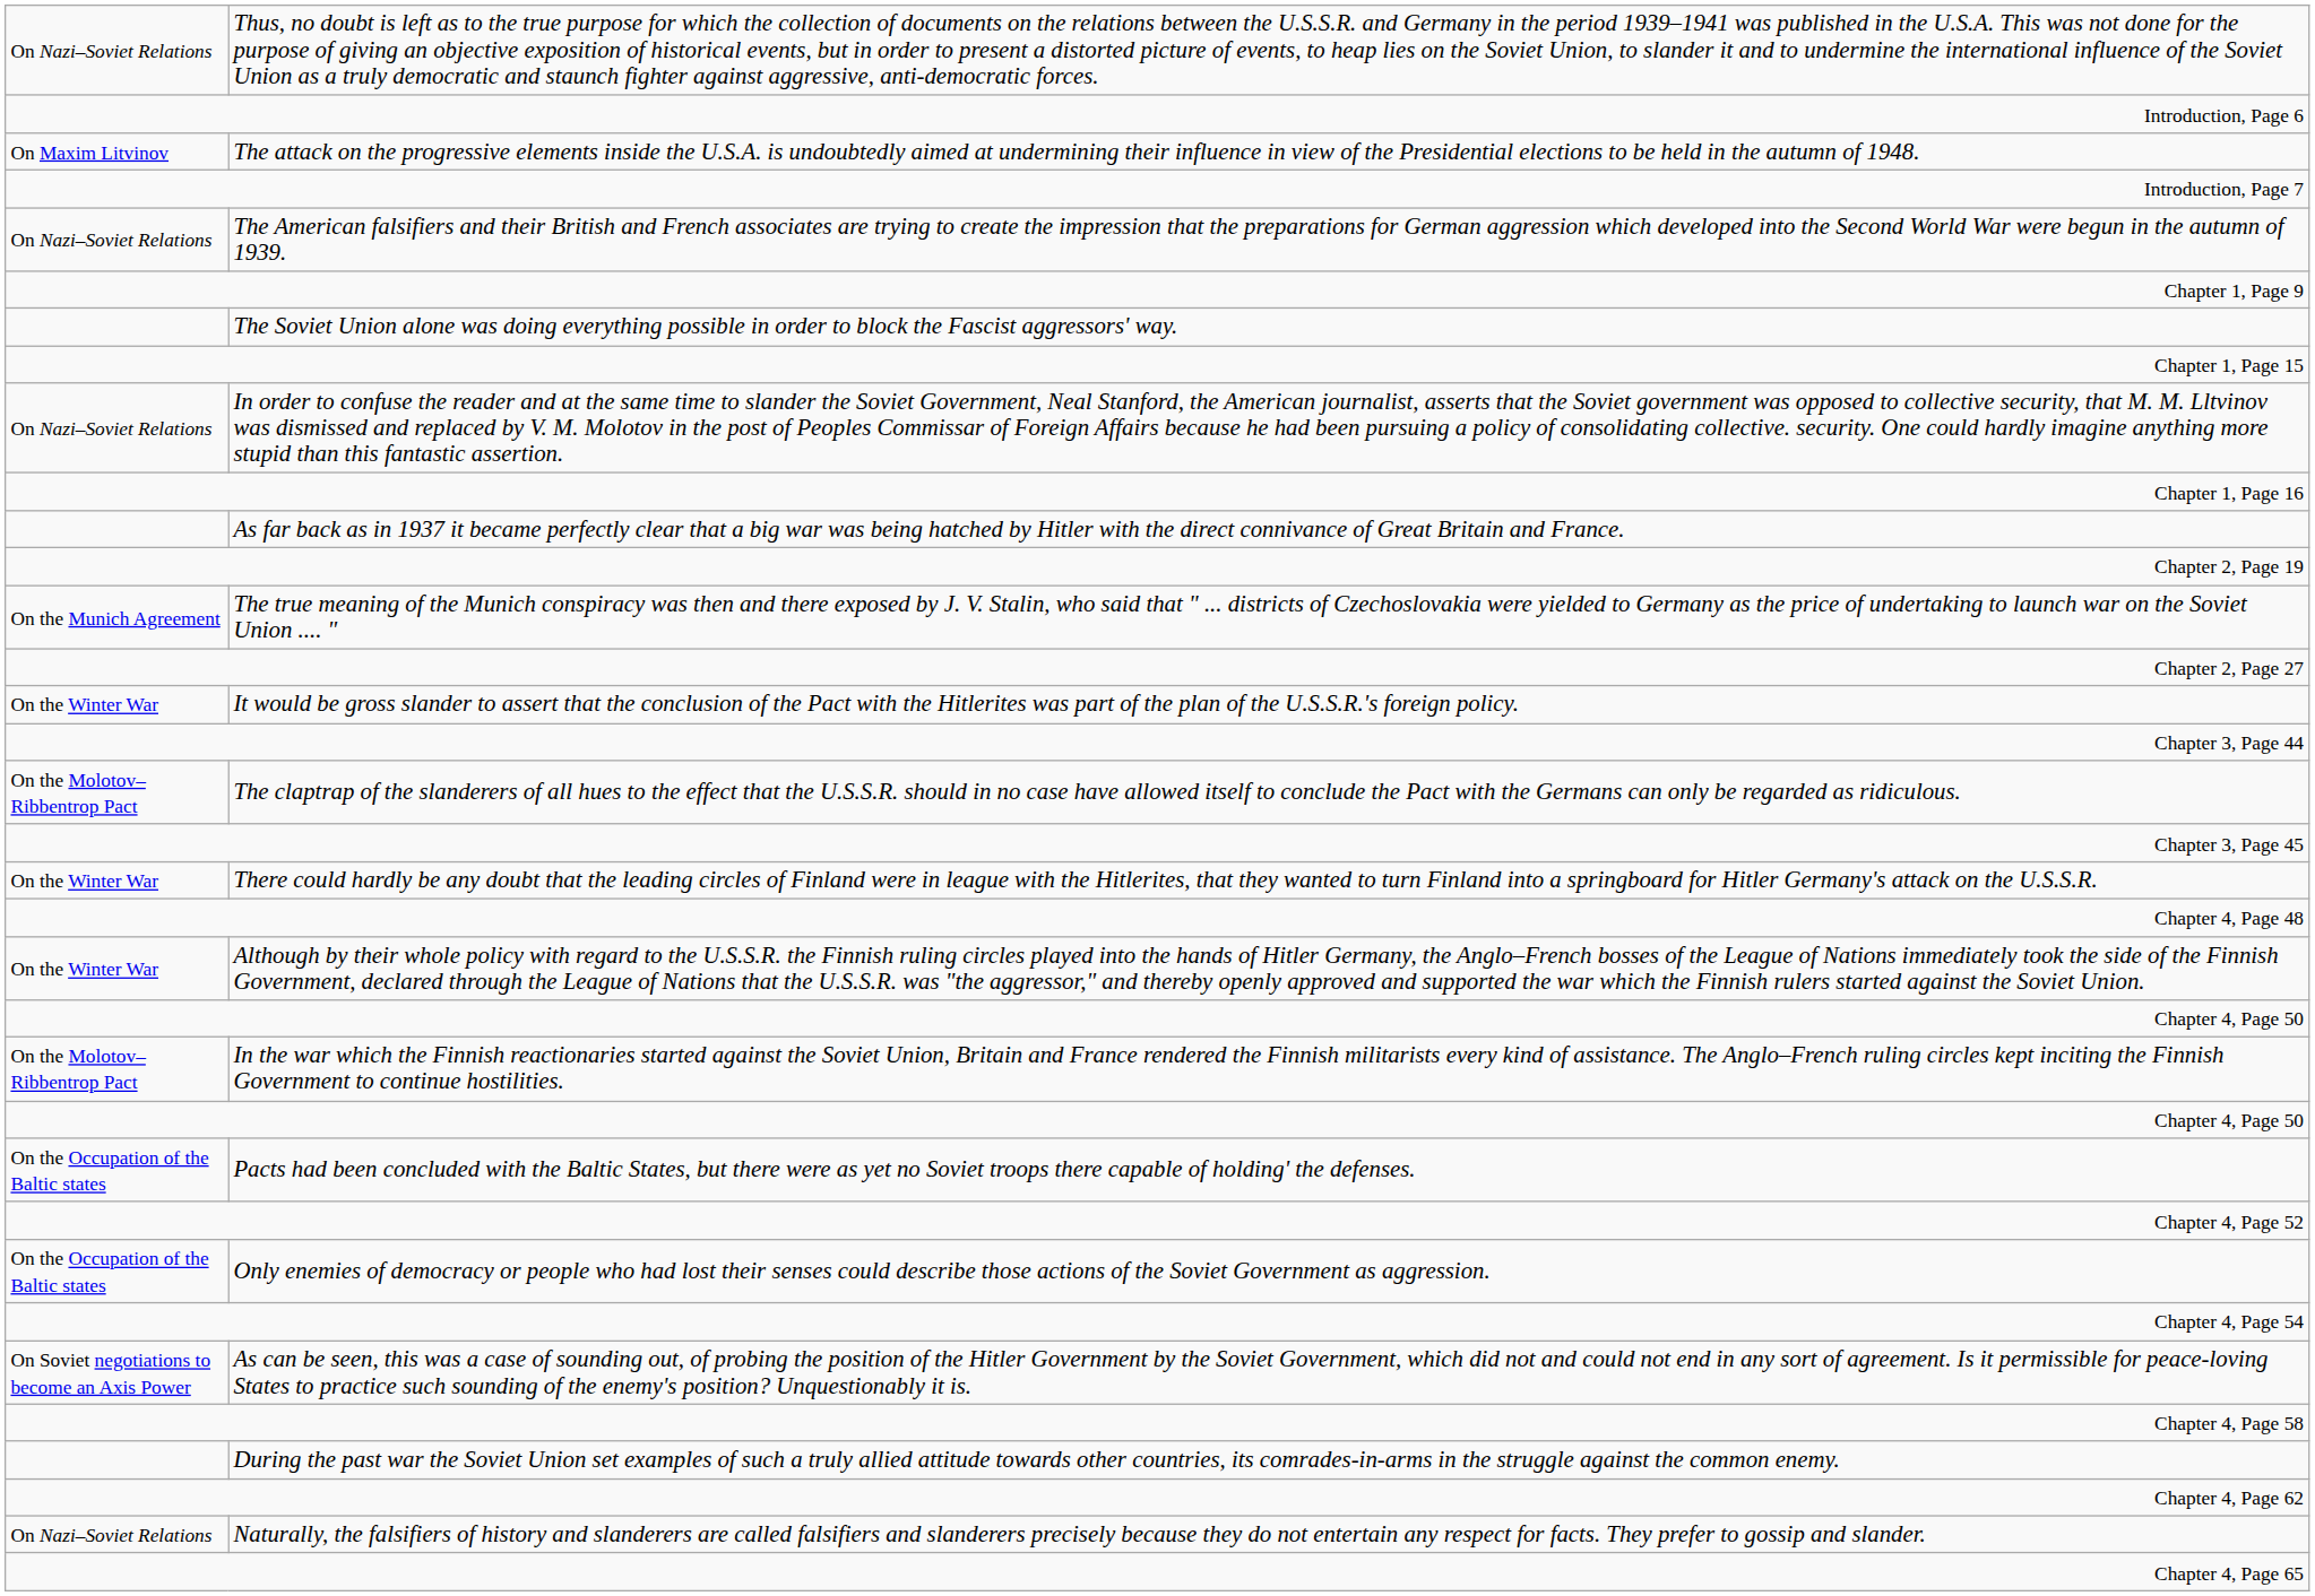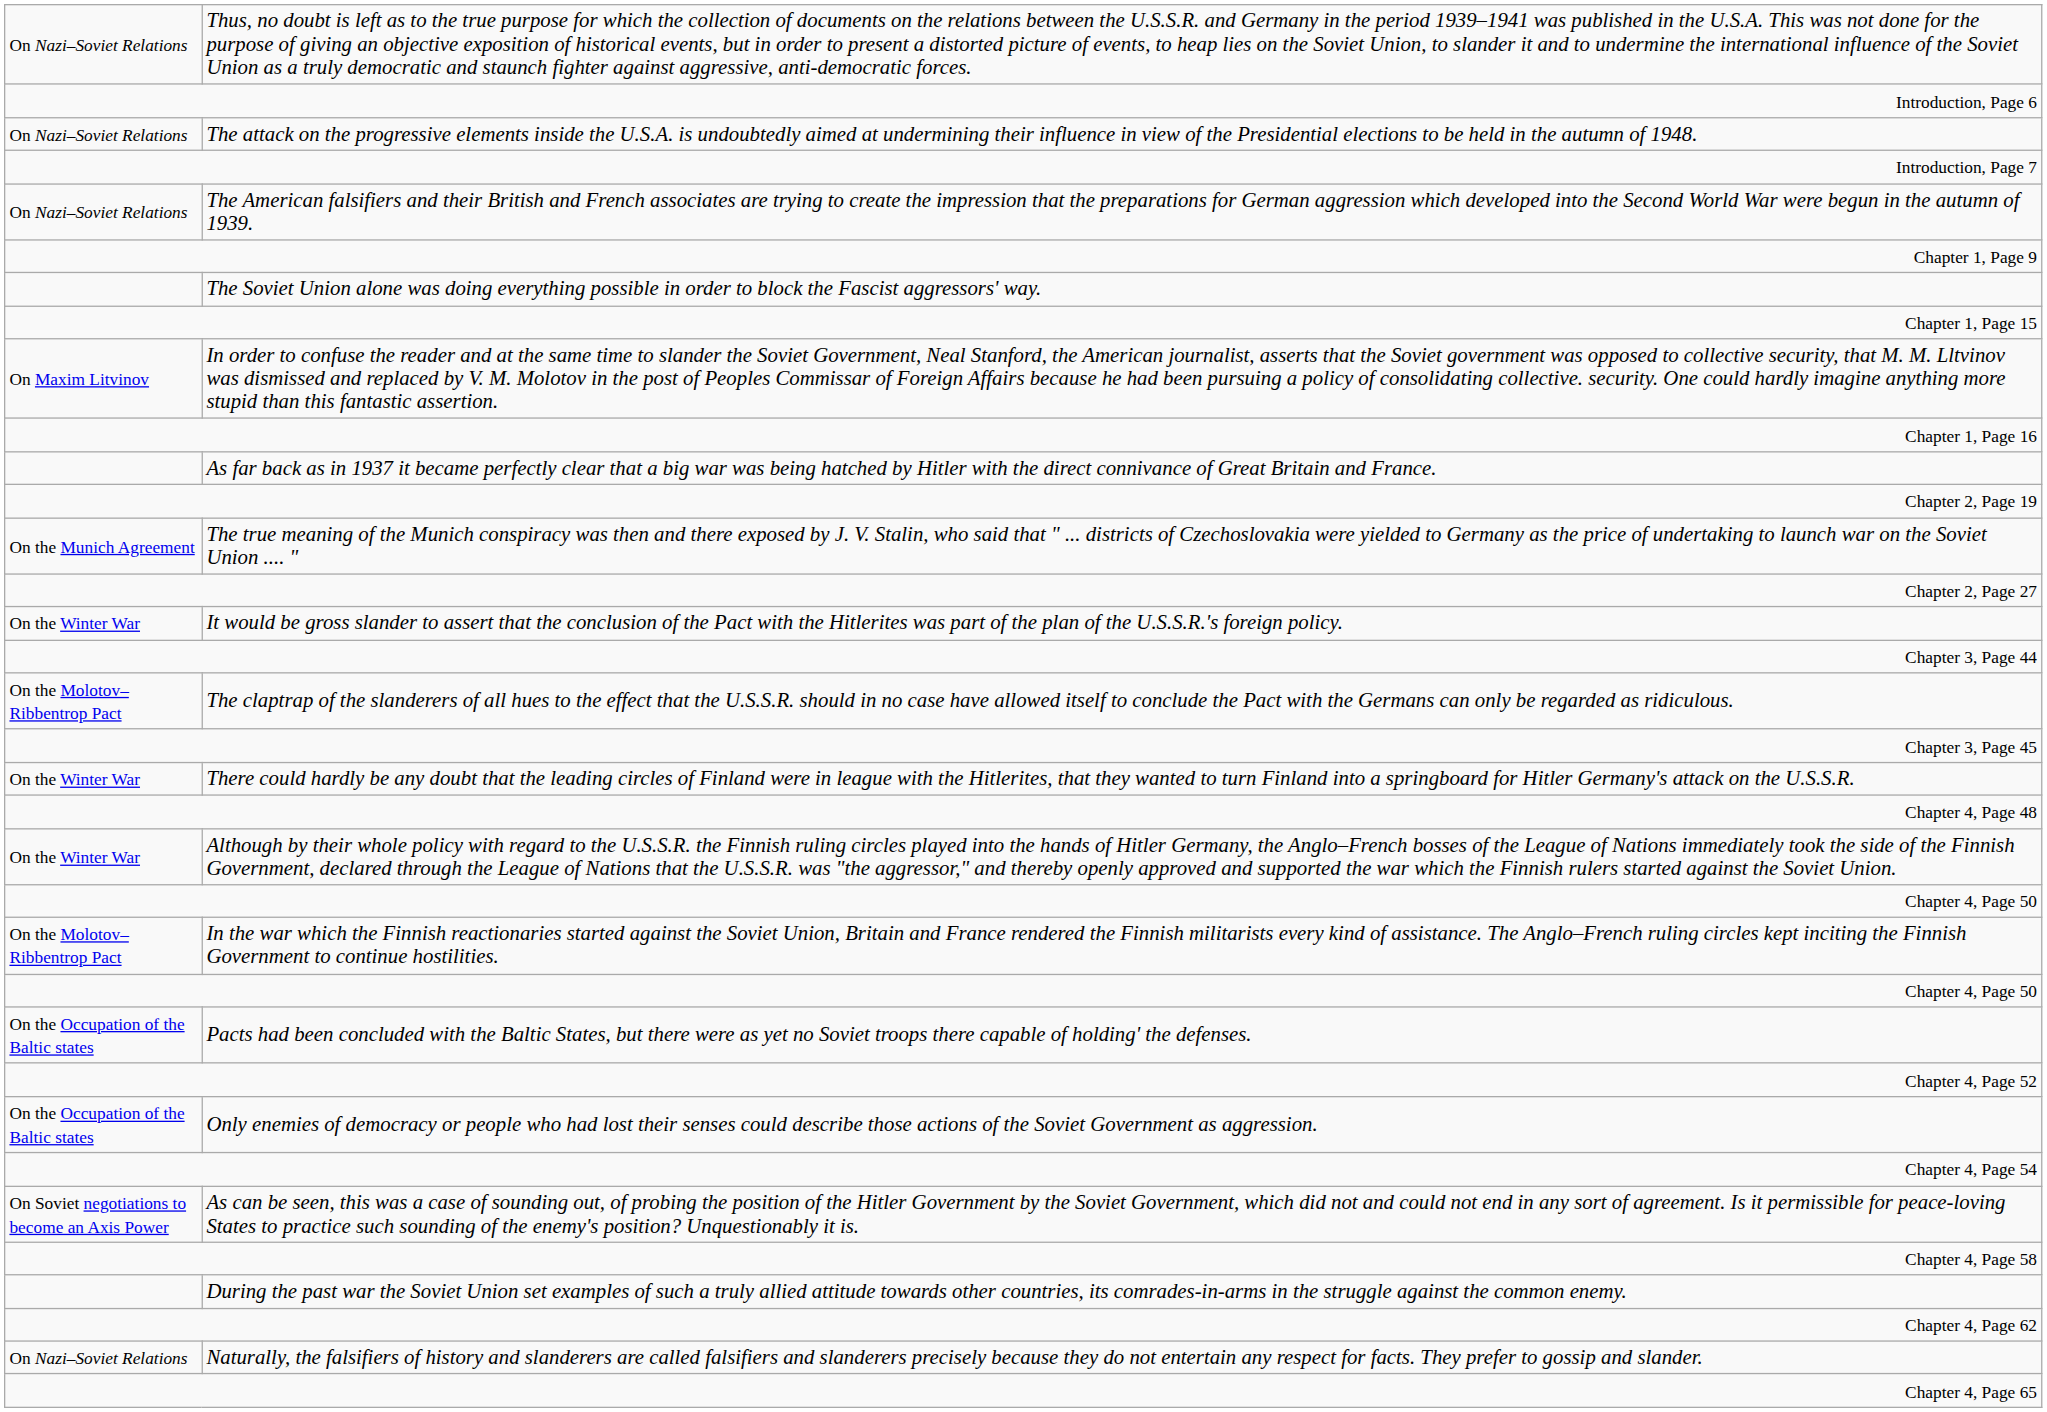 <table class="wikitable" border="0">
 <tr>
 <td><small>On <em>Nazi–Soviet Relations</em></small></td>
 <td><em>Thus, no doubt is left as to the true purpose for which the collection of documents on the relations between the U.S.S.R. and Germany in the period 1939–1941 was published in the U.S.A. This was not done for the purpose of giving an objective exposition of historical events, but in order to present a distorted picture of events, to heap lies on the Soviet Union, to slander it and to undermine the  international influence of the Soviet Union as a truly democratic and staunch fighter against aggressive, anti-democratic forces.</em></td>
 </tr>
 <tr>
 <td colspan="2" align="right"><small>Introduction, Page 6 </small></td>
 </tr>
 <tr>
-<td><small>On <a href='#'>Maxim Litvinov</a></small></td>
+<td><small>On <em>Nazi–Soviet Relations</em></small></td>
 <td><em>The attack on the progressive elements inside the U.S.A. is undoubtedly aimed at undermining their influence in view of the Presidential elections to be held in the autumn of 1948.</em></td>
 </tr>
 <tr>
 <td colspan="2" align="right"><small>Introduction, Page 7 </small></td>
 </tr>
 <tr>
 <td><small>On <em>Nazi–Soviet Relations</em></small></td>
 <td><em>The American falsifiers and their British and French associates are trying to create the impression that the preparations for German aggression which developed into the Second World War were begun in the autumn of 1939.</em></td>
 </tr>
 <tr>
 <td colspan="2" align="right"><small>Chapter 1, Page 9 </small></td>
 </tr>
 <tr>
 <td><small> </small></td>
 <td><em>The Soviet Union alone was doing everything possible in order to block the Fascist aggressors' way.</em></td>
 </tr>
 <tr>
 <td colspan="2" align="right"><small>Chapter 1, Page 15 </small></td>
 </tr>
 <tr>
-<td><small>On <em>Nazi–Soviet Relations</em></small></td>
+<td><small>On <a href='#'>Maxim Litvinov</a></small></td>
 <td><em>In order to confuse the reader and at the same time to slander the Soviet Government, Neal Stanford, the American journalist, asserts that the Soviet government was opposed to collective security, that M. M. Lltvinov was dismissed and replaced by V. M. Molotov in the post of Peoples Commissar of Foreign Affairs because he had been pursuing a policy of consolidating collective. security. One could hardly imagine anything more stupid than this fantastic assertion.</em></td>
 </tr>
 <tr>
 <td colspan="2" align="right"><small>Chapter 1, Page 16 </small></td>
 </tr>
 <tr>
 <td><small> </small></td>
 <td><em>As far back as in 1937 it became perfectly clear that a big war was being hatched by Hitler with the direct connivance of Great Britain and France.</em></td>
 </tr>
 <tr>
 <td colspan="2" align="right"><small>Chapter 2, Page 19 </small></td>
 </tr>
 <tr>
 <td><small>On the <a href='#'>Munich Agreement</a></small></td>
 <td><em>The true meaning of the Munich conspiracy was then and there exposed by J. V. Stalin, who said that " ... districts of Czechoslovakia were yielded to Germany as the price of undertaking to launch war on the Soviet Union .... "</em></td>
 </tr>
 <tr>
 <td colspan="2" align="right"><small>Chapter 2, Page 27 </small></td>
 </tr>
 <tr>
 <td><small>On the <a href='#'>Winter War</a></small></td>
 <td><em>It would be gross slander to assert that the conclusion of the Pact with the Hitlerites was part of the plan of the U.S.S.R.'s foreign policy.</em></td>
 </tr>
 <tr>
 <td colspan="2" align="right"><small>Chapter 3, Page 44 </small></td>
 </tr>
 <tr>
 <td><small>On the <a href='#'>Molotov–Ribbentrop Pact</a></small></td>
 <td><em>The claptrap of the slanderers of all hues to the effect that the U.S.S.R. should in no case have allowed itself to conclude the Pact with the Germans can only be regarded as ridiculous.</em></td>
 </tr>
 <tr>
 <td colspan="2" align="right"><small>Chapter 3, Page 45 </small></td>
 </tr>
 <tr>
 <td><small>On the <a href='#'>Winter War</a></small></td>
 <td><em>There could hardly be any doubt that the leading circles of Finland were in league with the Hitlerites, that they wanted to turn Finland into a springboard for Hitler Germany's attack on the U.S.S.R.</em></td>
 </tr>
 <tr>
 <td colspan="2" align="right"><small>Chapter 4, Page 48 </small></td>
 </tr>
 <tr>
 <td><small>On the <a href='#'>Winter War</a></small></td>
 <td><em>Although by their whole policy with regard to the U.S.S.R. the Finnish ruling circles played into the hands of Hitler Germany, the Anglo–French bosses of the League of Nations immediately took the side of the Finnish Government, declared through the League of Nations that the U.S.S.R. was "the aggressor," and thereby openly approved and supported the war which the Finnish rulers started against the Soviet Union.</em></td>
 </tr>
 <tr>
 <td colspan="2" align="right"><small>Chapter 4, Page 50 </small></td>
 </tr>
 <tr>
 <td><small>On the <a href='#'>Molotov–Ribbentrop Pact</a></small></td>
 <td><em>In the war which the Finnish reactionaries started against the Soviet Union, Britain and France rendered the Finnish militarists every kind of assistance. The Anglo–French ruling circles kept inciting the Finnish Government to continue hostilities.</em></td>
 </tr>
 <tr>
 <td colspan="2" align="right"><small>Chapter 4, Page 50 </small></td>
 </tr>
 <tr>
 <td><small>On the <a href='#'>Occupation of the Baltic states</a></small></td>
 <td><em>Pacts had been concluded with the Baltic States, but there were as yet no Soviet troops there capable of holding' the defenses.</em></td>
 </tr>
 <tr>
 <td colspan="2" align="right"><small>Chapter 4, Page 52 </small></td>
 </tr>
 <tr>
 <td><small>On the <a href='#'>Occupation of the Baltic states</a></small></td>
 <td><em>Only enemies of democracy or people who had lost their senses could describe those actions of the Soviet Government as aggression.</em></td>
 </tr>
 <tr>
 <td colspan="2" align="right"><small>Chapter 4, Page 54 </small></td>
 </tr>
 <tr>
 <td><small>On Soviet <a href='#'>negotiations to become an Axis Power</a></small></td>
 <td><em>As can be seen, this was a case of sounding out, of probing the position of the Hitler Government by the Soviet Government, which did not and could not end in any sort of agreement. Is it permissible for peace-loving States to practice such sounding of the enemy's position? Unquestionably it is.</em></td>
 </tr>
 <tr>
 <td colspan="2" align="right"><small>Chapter 4, Page 58 </small></td>
 </tr>
 <tr>
 <td><small> </small></td>
 <td><em>During the past war the Soviet Union set examples of such a truly allied attitude towards other countries, its comrades-in-arms in the struggle against the common enemy.</em></td>
 </tr>
 <tr>
 <td colspan="2" align="right"><small>Chapter 4, Page 62 </small></td>
 </tr>
 <tr>
 <td><small>On <em>Nazi–Soviet Relations</em></small></td>
 <td><em>Naturally, the falsifiers of history and slanderers are called falsifiers and slanderers precisely because they do not entertain any respect for facts. They prefer to gossip and slander.</em></td>
 </tr>
 <tr>
 <td colspan="2" align="right"><small>Chapter 4, Page 65 </small></td>
 </tr>
 </table>
